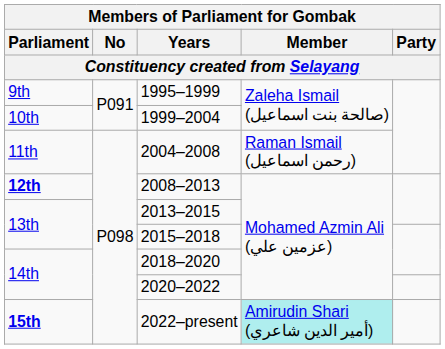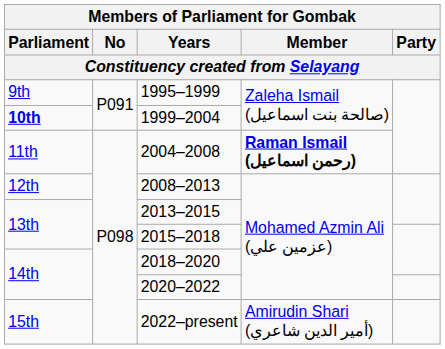 <table class=wikitable>
 <tr>
 <th colspan="5">Members of Parliament for Gombak</th>
 </tr>
 <tr>
 <th>Parliament</th>
 <th>No</th>
 <th>Years</th>
 <th>Member</th>
 <th>Party</th>
 </tr>
 <tr>
 <th colspan="5" align="center"><em>Constituency created from <a href='#'>Selayang</a></em></th>
 </tr>
 <tr>
 <td><a href='#'>9th</a></td>
 <td rowspan="2">P091</td>
 <td>1995–1999</td>
 <td rowspan=2><a href='#'>Zaleha Ismail</a> <br> (صالحة بنت اسماعيل)</td>
 <td rowspan=3></td>
 </tr>
 <tr>
-<td><a href='#'>10th</a></td>
+<td><strong><a href='#'>10th</a></strong></td>
 <td>1999–2004</td>
 </tr>
 <tr>
 <td><a href='#'>11th</a></td>
 <td rowspan=7>P098</td>
 <td>2004–2008</td>
-<td><a href='#'>Raman Ismail</a> <br> (رحمن اسماعيل)</td>
+<td><strong><a href='#'>Raman Ismail</a> <br> (رحمن اسماعيل)</strong></td>
 </tr>
 <tr>
-<td><strong><a href='#'>12th</a></strong></td>
+<td><a href='#'>12th</a></td>
 <td>2008–2013</td>
 <td rowspan=5><a href='#'>Mohamed Azmin Ali</a> <br> (عزمين علي)</td>
 <td rowspan=2></td>
 </tr>
 <tr>
 <td rowspan=2><a href='#'>13th</a></td>
 <td>2013–2015</td>
 </tr>
 <tr>
 <td>2015–2018</td>
 <td rowspan=2></td>
 </tr>
 <tr>
 <td rowspan=2><a href='#'>14th</a></td>
 <td>2018–2020</td>
 </tr>
 <tr>
 <td>2020–2022</td>
 <td></td>
 </tr>
 <tr>
-<td><strong><a href='#'>15th</a></strong></td>
+<td><a href='#'>15th</a></td>
 <td>2022–present</td>
-<td style="background: paleturquoise;"><a href='#'>Amirudin Shari</a>  <br>(أمير الدين شاعري)</td>
+<td><a href='#'>Amirudin Shari</a>  <br>(أمير الدين شاعري)</td>
 <td></td>
 </tr>
 </table>
